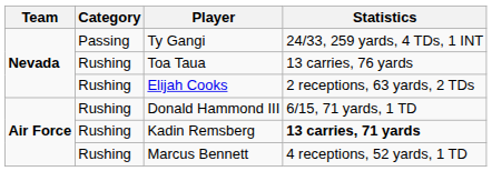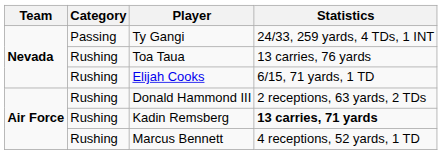 <table class="wikitable" style="float: left;">
 <tr>
 <th>Team</th>
 <th>Category</th>
 <th>Player</th>
 <th>Statistics</th>
 </tr>
 <tr>
 <td rowspan=3><strong>Nevada</strong></td>
 <td>Passing</td>
 <td>Ty Gangi</td>
 <td>24/33, 259 yards, 4 TDs, 1 INT</td>
 </tr>
 <tr>
 <td>Rushing</td>
 <td>Toa Taua</td>
 <td>13 carries, 76 yards</td>
 </tr>
 <tr>
 <td>Rushing</td>
 <td><a href='#'>Elijah Cooks</a></td>
-<td>2 receptions, 63 yards, 2 TDs</td>
+<td>6/15, 71 yards, 1 TD</td>
 </tr>
 <tr>
 <td rowspan=3><strong>Air Force</strong></td>
 <td>Rushing</td>
 <td>Donald Hammond III</td>
-<td>6/15, 71 yards, 1 TD</td>
+<td>2 receptions, 63 yards, 2 TDs</td>
 </tr>
 <tr>
 <td>Rushing</td>
 <td>Kadin Remsberg</td>
 <td><strong>13 carries, 71 yards</strong></td>
 </tr>
 <tr>
 <td>Rushing</td>
 <td>Marcus Bennett</td>
 <td>4 receptions, 52 yards, 1 TD</td>
 </tr>
 </table>
